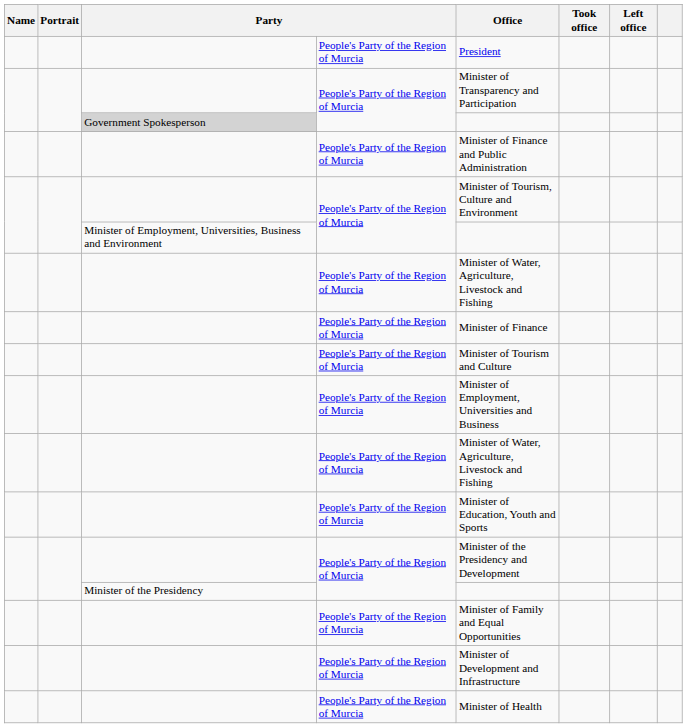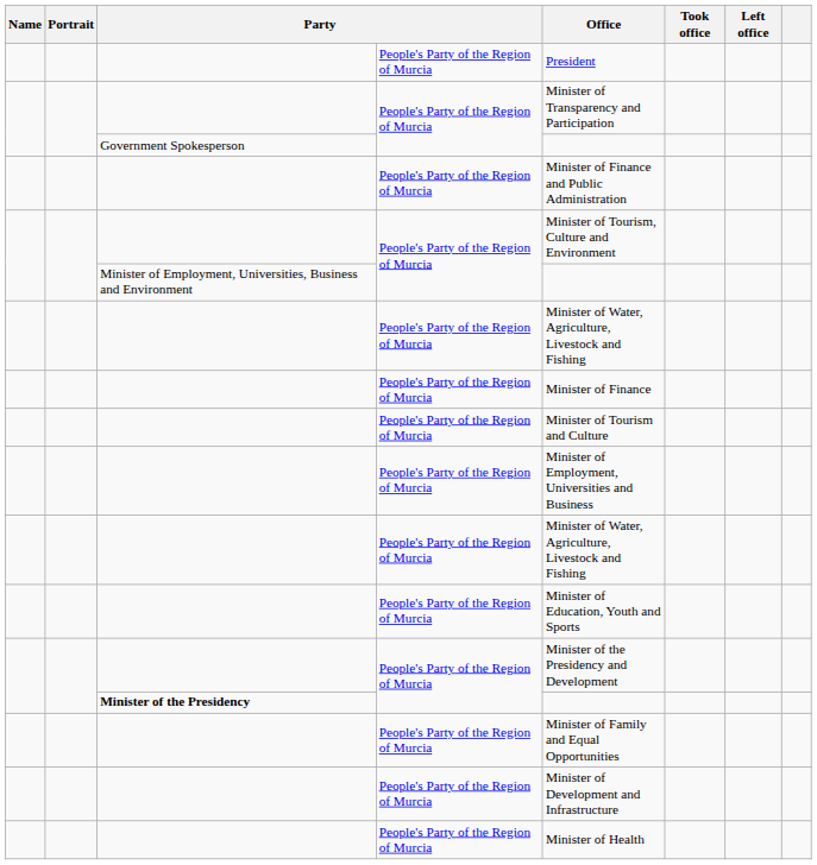 <table class="wikitable plainrowheaders sortable" style="font-size:90%; text-align:left;">
 <tr>
 <th scope=col>Name</th>
 <th scope=col class=unsortable>Portrait</th>
 <th scope=col colspan="2">Party</th>
 <th scope=col width=125px>Office</th>
 <th scope=col>Took office</th>
 <th scope=col>Left office</th>
 <th scope=col width=25px class=unsortable></th>
 </tr>
 <tr>
 <td style="white-space: nowrap;"></td>
 <td align=center></td>
 <td !align="center" style="background:"></td>
 <td><a href='#'>People's Party of the Region of Murcia</a></td>
 <td><a href='#'>President</a></td>
 <td align=center></td>
 <td align=center></td>
 <td align=center></td>
 </tr>
 <tr>
 <td style="white-space: nowrap;" rowspan=2></td>
 <td align=center rowspan=2></td>
 <td !align="center" style="background:"></td>
 <td rowspan=2><a href='#'>People's Party of the Region of Murcia</a></td>
 <td>Minister of Transparency and Participation</td>
 <td align=center></td>
 <td align=center></td>
 <td align=center></td>
 </tr>
 <tr>
-<td style="background: lightgrey;">Government Spokesperson</td>
+<td>Government Spokesperson</td>
 <td align=center></td>
 <td align=center></td>
 <td align=center></td>
 </tr>
 <tr>
 <td style="white-space: nowrap;"></td>
 <td align=center></td>
 <td !align="center" style="background:"></td>
 <td><a href='#'>People's Party of the Region of Murcia</a></td>
 <td>Minister of Finance and Public Administration</td>
 <td align=center></td>
 <td align=center></td>
 <td align=center></td>
 </tr>
 <tr>
 <td style="white-space: nowrap;" rowspan=2></td>
 <td align=center rowspan=2></td>
 <td !align="center" style="background:"></td>
 <td rowspan=2><a href='#'>People's Party of the Region of Murcia</a></td>
 <td>Minister of Tourism, Culture and Environment</td>
 <td align=center></td>
 <td align=center></td>
 <td align=center></td>
 </tr>
 <tr>
 <td>Minister of Employment, Universities, Business and Environment</td>
 <td align=center></td>
 <td align=center></td>
 <td align=center></td>
 </tr>
 <tr>
 <td style="white-space: nowrap;"></td>
 <td align=center></td>
 <td !align="center" style="background:"></td>
 <td><a href='#'>People's Party of the Region of Murcia</a></td>
 <td>Minister of Water, Agriculture, Livestock and Fishing</td>
 <td align=center></td>
 <td align=center></td>
 <td align=center></td>
 </tr>
 <tr>
 <td style="white-space: nowrap;"></td>
 <td align=center></td>
 <td !align="center" style="background:"></td>
 <td><a href='#'>People's Party of the Region of Murcia</a></td>
 <td>Minister of Finance</td>
 <td align=center></td>
 <td align=center></td>
 <td align=center></td>
 </tr>
 <tr>
 <td style="white-space: nowrap;"></td>
 <td align=center></td>
 <td !align="center" style="background:"></td>
 <td><a href='#'>People's Party of the Region of Murcia</a></td>
 <td>Minister of Tourism and Culture</td>
 <td align=center></td>
 <td align=center></td>
 <td align=center></td>
 </tr>
 <tr>
 <td style="white-space: nowrap;"></td>
 <td align=center></td>
 <td !align="center" style="background:"></td>
 <td><a href='#'>People's Party of the Region of Murcia</a></td>
 <td>Minister of Employment, Universities and Business</td>
 <td align=center></td>
 <td align=center></td>
 <td align=center></td>
 </tr>
 <tr>
 <td style="white-space: nowrap;"></td>
 <td align=center></td>
 <td !align="center" style="background:"></td>
 <td><a href='#'>People's Party of the Region of Murcia</a></td>
 <td>Minister of Water, Agriculture, Livestock and Fishing</td>
 <td align=center></td>
 <td align=center></td>
 <td align=center></td>
 </tr>
 <tr>
 <td style="white-space: nowrap;"></td>
 <td align=center></td>
 <td !align="center" style="background:"></td>
 <td><a href='#'>People's Party of the Region of Murcia</a></td>
 <td>Minister of Education, Youth and Sports</td>
 <td align=center></td>
 <td align=center></td>
 <td align=center></td>
 </tr>
 <tr>
 <td style="white-space: nowrap;" rowspan=2></td>
 <td align=center rowspan=2></td>
 <td !align="center" style="background:"></td>
 <td rowspan=2><a href='#'>People's Party of the Region of Murcia</a></td>
 <td>Minister of the Presidency and Development</td>
 <td align=center></td>
 <td align=center></td>
 <td align=center></td>
 </tr>
 <tr>
-<td>Minister of the Presidency</td>
+<td><strong>Minister of the Presidency</strong></td>
 <td align=center></td>
 <td align=center></td>
 <td align=center></td>
 </tr>
 <tr>
 <td style="white-space: nowrap;"></td>
 <td align=center></td>
 <td !align="center" style="background:"></td>
 <td><a href='#'>People's Party of the Region of Murcia</a></td>
 <td>Minister of Family and Equal Opportunities</td>
 <td align=center></td>
 <td align=center></td>
 <td align=center></td>
 </tr>
 <tr>
 <td style="white-space: nowrap;"></td>
 <td align=center></td>
 <td !align="center" style="background:"></td>
 <td><a href='#'>People's Party of the Region of Murcia</a></td>
 <td>Minister of Development and Infrastructure</td>
 <td align=center></td>
 <td align=center></td>
 <td align=center></td>
 </tr>
 <tr>
 <td style="white-space: nowrap;"></td>
 <td align=center></td>
 <td !align="center" style="background:"></td>
 <td><a href='#'>People's Party of the Region of Murcia</a></td>
 <td>Minister of Health</td>
 <td align=center></td>
 <td align=center></td>
 <td align=center></td>
 </tr>
 </table>
